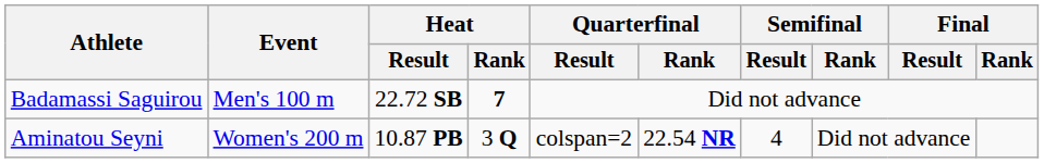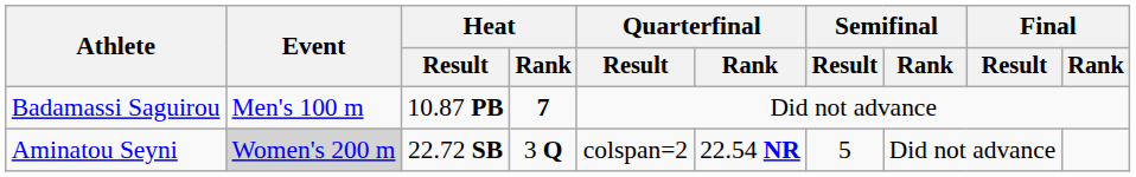 <table class="wikitable" style="font-size:90%">
 <tr>
 <th rowspan="2">Athlete</th>
 <th rowspan="2">Event</th>
 <th colspan="2">Heat</th>
 <th colspan="2">Quarterfinal</th>
 <th colspan="2">Semifinal</th>
 <th colspan="2">Final</th>
 </tr>
 <tr style="font-size:95%">
 <th>Result</th>
 <th>Rank</th>
 <th>Result</th>
 <th>Rank</th>
 <th>Result</th>
 <th>Rank</th>
 <th>Result</th>
 <th>Rank</th>
 </tr>
 <tr align=center>
 <td align=left><a href='#'>Badamassi Saguirou</a></td>
 <td align=left><a href='#'>Men's 100 m</a></td>
-<td>22.72 <strong>SB</strong></td>
+<td>10.87 <strong>PB</strong></td>
 <td><strong>7</strong></td>
 <td colspan="6">Did not advance</td>
 </tr>
 <tr align=center>
 <td align=left><a href='#'>Aminatou Seyni</a></td>
-<td align=left><a href='#'>Women's 200 m</a></td>
-<td>10.87 <strong>PB</strong></td>
+<td align=left style="background: lightgrey;"><a href='#'>Women's 200 m</a></td>
+<td>22.72 <strong>SB</strong></td>
 <td>3 <strong>Q</strong></td>
 <td>colspan=2 </td>
 <td>22.54 <strong><a href='#'>NR</a></strong></td>
-<td>4</td>
+<td>5</td>
 <td colspan=2>Did not advance</td>
 </tr>
 </table>
